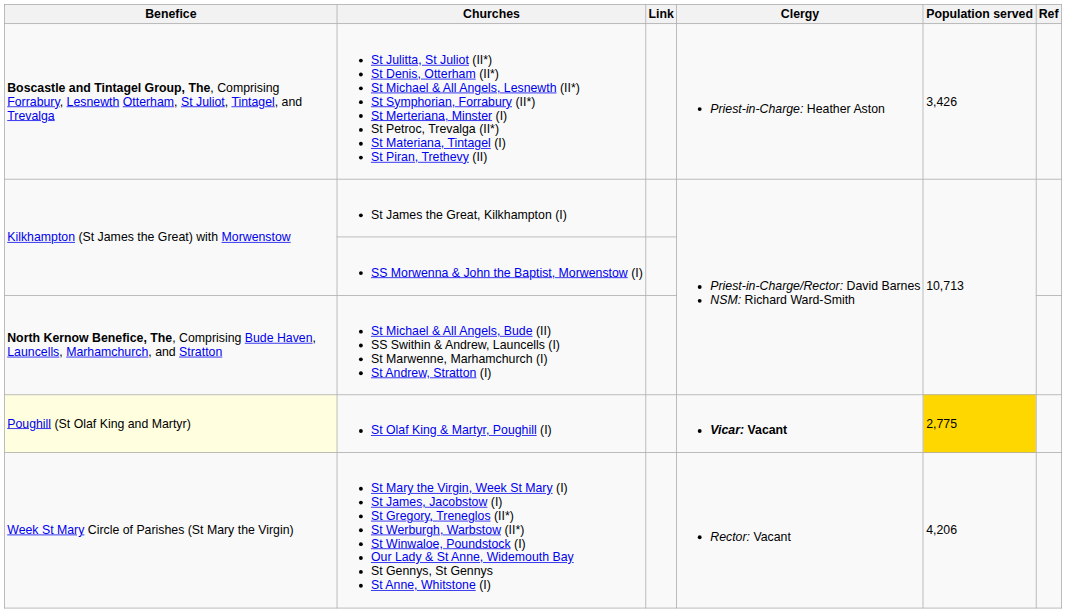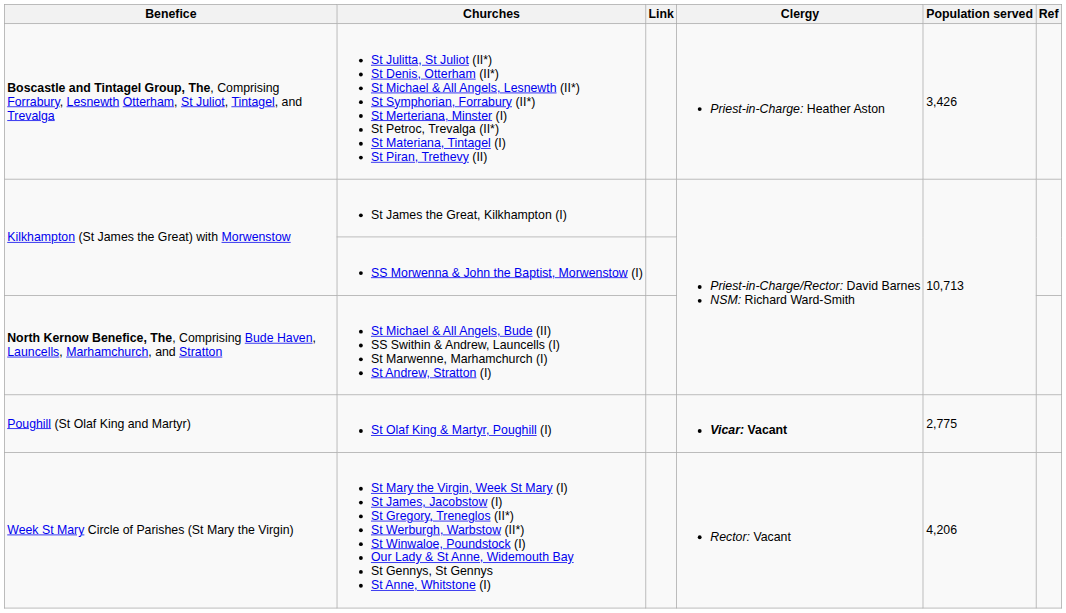 <table class="wikitable">
 <tr>
 <th width="425">Benefice</th>
 <th>Churches</th>
 <th>Link</th>
 <th>Clergy</th>
 <th>Population served</th>
 <th>Ref</th>
 </tr>
 <tr>
 <td><strong>Boscastle and Tintagel Group, The</strong>, Comprising <a href='#'>Forrabury</a>, <a href='#'>Lesnewth</a> <a href='#'>Otterham</a>, <a href='#'>St Juliot</a>, <a href='#'>Tintagel</a>, and <a href='#'>Trevalga</a></td>
 <td><br><ul><li><a href='#'>St Julitta, St Juliot</a> (II*)</li><li><a href='#'>St Denis, Otterham</a> (II*)</li><li><a href='#'>St Michael & All Angels, Lesnewth</a> (II*)</li><li><a href='#'>St Symphorian, Forrabury</a> (II*)</li><li><a href='#'>St Merteriana, Minster</a> (I)</li><li>St Petroc, Trevalga (II*)</li><li><a href='#'>St Materiana, Tintagel</a> (I)</li><li><a href='#'>St Piran, Trethevy</a> (II)</li></ul></td>
 <td></td>
 <td><br><ul><li><em>Priest-in-Charge:</em> Heather Aston</li></ul></td>
 <td>3,426</td>
 <td></td>
 </tr>
 <tr>
 <td rowspan="2"><a href='#'>Kilkhampton</a> (St James the Great) with <a href='#'>Morwenstow</a></td>
 <td><br><ul><li>St James the Great, Kilkhampton (I)</li></ul></td>
 <td></td>
 <td rowspan="3"><br><ul><li><em>Priest-in-Charge/Rector:</em> David Barnes</li><li><em>NSM:</em> Richard Ward-Smith</li></ul></td>
 <td rowspan="3">10,713</td>
 <td rowspan="2"></td>
 </tr>
 <tr>
 <td><br><ul><li><a href='#'>SS Morwenna & John the Baptist, Morwenstow</a> (I)</li></ul></td>
 <td></td>
 </tr>
 <tr>
 <td><strong>North Kernow Benefice, The</strong>, Comprising <a href='#'>Bude Haven</a>, <a href='#'>Launcells</a>, <a href='#'>Marhamchurch</a>, and <a href='#'>Stratton</a></td>
 <td><br><ul><li><a href='#'>St Michael & All Angels, Bude</a> (II)</li><li>SS Swithin & Andrew, Launcells (I)</li><li>St Marwenne, Marhamchurch (I)</li><li><a href='#'>St Andrew, Stratton</a> (I)</li></ul></td>
 <td></td>
 <td></td>
 </tr>
 <tr>
-<td style="background: lightyellow;"><a href='#'>Poughill</a> (St Olaf King and Martyr)</td>
+<td><a href='#'>Poughill</a> (St Olaf King and Martyr)</td>
 <td><br><ul><li><a href='#'>St Olaf King & Martyr, Poughill</a> (I)</li></ul></td>
 <td></td>
 <td><strong><br><ul><li><em>Vicar:</em> Vacant</li></ul></strong></td>
-<td style="background: gold;">2,775</td>
+<td>2,775</td>
 <td></td>
 </tr>
 <tr>
 <td><a href='#'>Week St Mary</a> Circle of Parishes (St Mary the Virgin)</td>
 <td><br><ul><li><a href='#'>St Mary the Virgin, Week St Mary</a> (I)</li><li><a href='#'>St James, Jacobstow</a> (I)</li><li><a href='#'>St Gregory, Treneglos</a> (II*)</li><li><a href='#'>St Werburgh, Warbstow</a> (II*)</li><li><a href='#'>St Winwaloe, Poundstock</a> (I)</li><li><a href='#'>Our Lady & St Anne, Widemouth Bay</a></li><li>St Gennys, St Gennys</li><li><a href='#'>St Anne, Whitstone</a> (I)</li></ul></td>
 <td></td>
 <td><br><ul><li><em>Rector:</em> Vacant</li></ul></td>
 <td>4,206</td>
 <td></td>
 </tr>
 </table>
